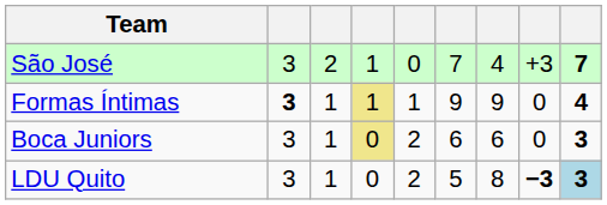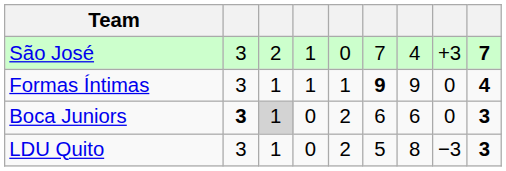 <table class="wikitable" style="text-align: center;">
 <tr>
 <th width=165>Team</th>
 <th width=20></th>
 <th width=20></th>
 <th width=20></th>
 <th width=20></th>
 <th width=20></th>
 <th width=20></th>
 <th width=20></th>
 <th width=20></th>
 </tr>
 <tr style="background:#cfc;">
 <td align=left> <a href='#'>São José</a></td>
 <td>3</td>
 <td>2</td>
 <td>1</td>
 <td>0</td>
 <td>7</td>
 <td>4</td>
 <td>+3</td>
 <td><strong>7</strong></td>
 </tr>
 <tr>
 <td align=left> <a href='#'>Formas Íntimas</a></td>
-<td><strong>3</strong></td>
+<td>3</td>
 <td>1</td>
-<td style="background: khaki;">1</td>
 <td>1</td>
-<td>9</td>
+<td>1</td>
+<td><strong>9</strong></td>
 <td>9</td>
 <td>0</td>
 <td><strong>4</strong></td>
 </tr>
 <tr>
 <td align=left> <a href='#'>Boca Juniors</a></td>
-<td>3</td>
-<td>1</td>
-<td style="background: khaki;">0</td>
+<td><strong>3</strong></td>
+<td style="background: lightgrey;">1</td>
+<td>0</td>
 <td>2</td>
 <td>6</td>
 <td>6</td>
 <td>0</td>
 <td><strong>3</strong></td>
 </tr>
 <tr>
 <td align=left> <a href='#'>LDU Quito</a></td>
 <td>3</td>
 <td>1</td>
 <td>0</td>
 <td>2</td>
 <td>5</td>
 <td>8</td>
-<td><strong>−3</strong></td>
-<td style="background: lightblue;"><strong>3</strong></td>
+<td>−3</td>
+<td><strong>3</strong></td>
 </tr>
 </table>
